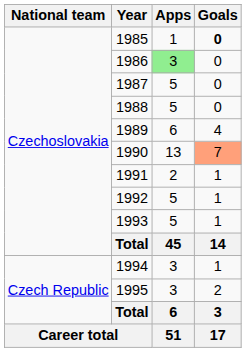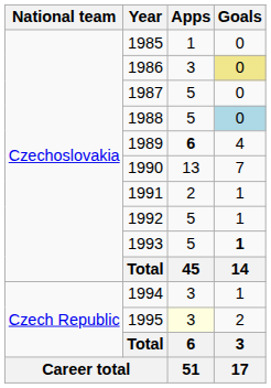 <table class="wikitable" style="text-align:center">
 <tr>
 <th>National team</th>
 <th>Year</th>
 <th>Apps</th>
 <th>Goals</th>
 </tr>
 <tr>
 <td rowspan="10"><a href='#'>Czechoslovakia</a></td>
 <td>1985</td>
 <td>1</td>
-<td><strong>0</strong></td>
+<td>0</td>
 </tr>
 <tr>
 <td>1986</td>
-<td style="background: lightgreen;">3</td>
-<td>0</td>
+<td>3</td>
+<td style="background: khaki;">0</td>
 </tr>
 <tr>
 <td>1987</td>
 <td>5</td>
 <td>0</td>
 </tr>
 <tr>
 <td>1988</td>
 <td>5</td>
-<td>0</td>
+<td style="background: lightblue;">0</td>
 </tr>
 <tr>
 <td>1989</td>
-<td>6</td>
+<td><strong>6</strong></td>
 <td>4</td>
 </tr>
 <tr>
 <td>1990</td>
 <td>13</td>
-<td style="background: lightsalmon;">7</td>
+<td>7</td>
 </tr>
 <tr>
 <td>1991</td>
 <td>2</td>
 <td>1</td>
 </tr>
 <tr>
 <td>1992</td>
 <td>5</td>
 <td>1</td>
 </tr>
 <tr>
 <td>1993</td>
 <td>5</td>
-<td>1</td>
+<td><strong>1</strong></td>
 </tr>
 <tr>
 <th>Total</th>
 <th>45</th>
 <th>14</th>
 </tr>
 <tr>
 <td rowspan="3"><a href='#'>Czech Republic</a></td>
 <td>1994</td>
 <td>3</td>
 <td>1</td>
 </tr>
 <tr>
 <td>1995</td>
-<td>3</td>
+<td style="background: lightyellow;">3</td>
 <td>2</td>
 </tr>
 <tr>
 <th>Total</th>
 <th>6</th>
 <th>3</th>
 </tr>
 <tr>
 <th colspan="2">Career total</th>
 <th>51</th>
 <th>17</th>
 </tr>
 </table>
